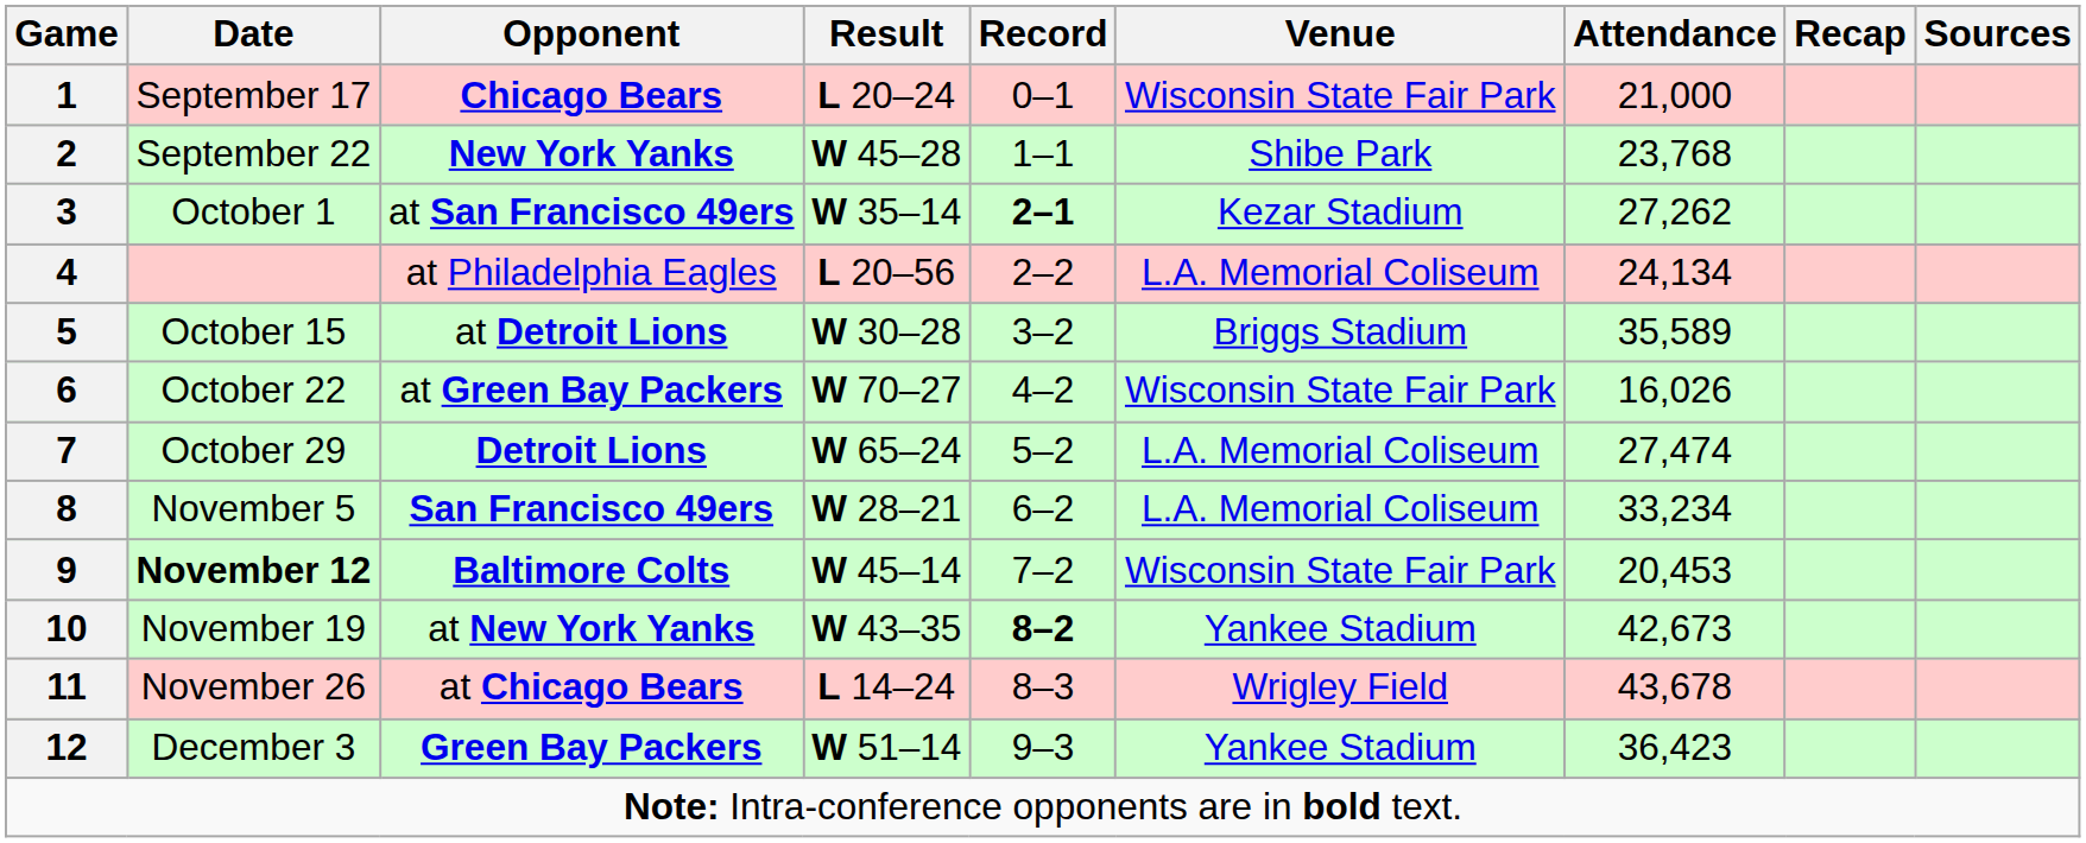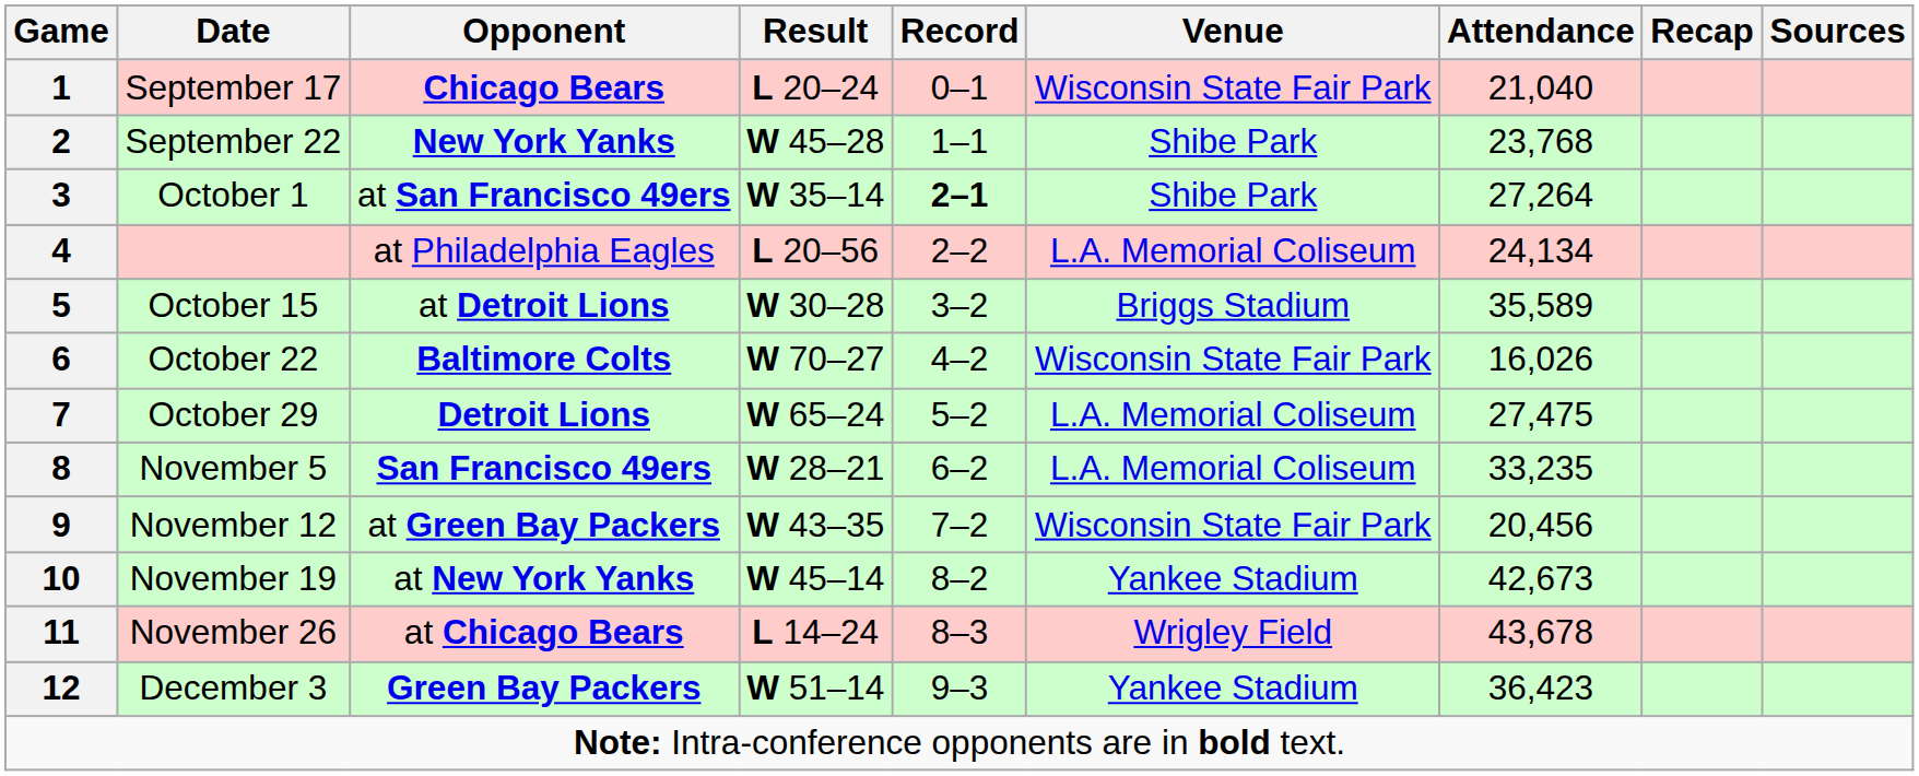 <table class="wikitable" style="text-align:center">
 <tr>
 <th>Game</th>
 <th>Date</th>
 <th>Opponent</th>
 <th>Result</th>
 <th>Record</th>
 <th>Venue</th>
 <th>Attendance</th>
 <th>Recap</th>
 <th>Sources</th>
 </tr>
 <tr style="background:#fcc">
 <th>1</th>
 <td>September 17</td>
 <td><strong><a href='#'>Chicago Bears</a></strong></td>
 <td><strong>L</strong> 20–24</td>
 <td>0–1</td>
 <td><a href='#'>Wisconsin State Fair Park</a></td>
-<td>21,000</td>
+<td>21,040</td>
 <td></td>
 <td></td>
 </tr>
 <tr style="background:#cfc">
 <th>2</th>
 <td>September 22</td>
 <td><strong><a href='#'>New York Yanks</a></strong></td>
 <td><strong>W</strong> 45–28</td>
 <td>1–1</td>
 <td><a href='#'>Shibe Park</a></td>
 <td>23,768</td>
 <td></td>
 <td></td>
 </tr>
 <tr style="background:#cfc">
 <th>3</th>
 <td>October 1</td>
 <td>at <strong><a href='#'>San Francisco 49ers</a></strong></td>
 <td><strong>W</strong> 35–14</td>
 <td><strong>2–1</strong></td>
-<td><a href='#'>Kezar Stadium</a></td>
-<td>27,262</td>
+<td><a href='#'>Shibe Park</a></td>
+<td>27,264</td>
 <td></td>
 <td></td>
 </tr>
 <tr style="background:#fcc">
 <th>4</th>
 <td></td>
 <td>at <a href='#'>Philadelphia Eagles</a></td>
 <td><strong>L</strong> 20–56</td>
 <td>2–2</td>
 <td><a href='#'>L.A. Memorial Coliseum</a></td>
 <td>24,134</td>
 <td></td>
 <td></td>
 </tr>
 <tr style="background:#cfc">
 <th>5</th>
 <td>October 15</td>
 <td>at <strong><a href='#'>Detroit Lions</a></strong></td>
 <td><strong>W</strong> 30–28</td>
 <td>3–2</td>
 <td><a href='#'>Briggs Stadium</a></td>
 <td>35,589</td>
 <td></td>
 <td></td>
 </tr>
 <tr style="background:#cfc">
 <th>6</th>
 <td>October 22</td>
-<td>at <strong><a href='#'>Green Bay Packers</a></strong></td>
+<td><strong><a href='#'>Baltimore Colts</a></strong></td>
 <td><strong>W</strong> 70–27</td>
 <td>4–2</td>
 <td><a href='#'>Wisconsin State Fair Park</a></td>
 <td>16,026</td>
 <td></td>
 <td></td>
 </tr>
 <tr style="background:#cfc">
 <th>7</th>
 <td>October 29</td>
 <td><strong><a href='#'>Detroit Lions</a></strong></td>
 <td><strong>W</strong> 65–24</td>
 <td>5–2</td>
 <td><a href='#'>L.A. Memorial Coliseum</a></td>
-<td>27,474</td>
+<td>27,475</td>
 <td></td>
 <td></td>
 </tr>
 <tr style="background:#cfc">
 <th>8</th>
 <td>November 5</td>
 <td><strong><a href='#'>San Francisco 49ers</a></strong></td>
 <td><strong>W</strong> 28–21</td>
 <td>6–2</td>
 <td><a href='#'>L.A. Memorial Coliseum</a></td>
-<td>33,234</td>
+<td>33,235</td>
 <td></td>
 <td></td>
 </tr>
 <tr style="background:#cfc">
 <th>9</th>
-<td><strong>November 12</strong></td>
-<td><strong><a href='#'>Baltimore Colts</a></strong></td>
-<td><strong>W</strong> 45–14</td>
+<td>November 12</td>
+<td>at <strong><a href='#'>Green Bay Packers</a></strong></td>
+<td><strong>W</strong> 43–35</td>
 <td>7–2</td>
 <td><a href='#'>Wisconsin State Fair Park</a></td>
-<td>20,453</td>
+<td>20,456</td>
 <td></td>
 <td></td>
 </tr>
 <tr style="background:#cfc">
 <th>10</th>
 <td>November 19</td>
 <td>at <strong><a href='#'>New York Yanks</a></strong></td>
-<td><strong>W</strong> 43–35</td>
-<td><strong>8–2</strong></td>
+<td><strong>W</strong> 45–14</td>
+<td>8–2</td>
 <td><a href='#'>Yankee Stadium</a></td>
 <td>42,673</td>
 <td></td>
 <td></td>
 </tr>
 <tr style="background:#fcc">
 <th>11</th>
 <td>November 26</td>
 <td>at <strong><a href='#'>Chicago Bears</a></strong></td>
 <td><strong>L</strong> 14–24</td>
 <td>8–3</td>
 <td><a href='#'>Wrigley Field</a></td>
 <td>43,678</td>
 <td></td>
 <td></td>
 </tr>
 <tr style="background:#cfc">
 <th>12</th>
 <td>December 3</td>
 <td><strong><a href='#'>Green Bay Packers</a></strong></td>
 <td><strong>W</strong> 51–14</td>
 <td>9–3</td>
 <td><a href='#'>Yankee Stadium</a></td>
 <td>36,423</td>
 <td></td>
 <td></td>
 </tr>
 <tr>
 <td colspan="10"><strong>Note:</strong> Intra-conference opponents are in <strong>bold</strong> text.</td>
 </tr>
 </table>
